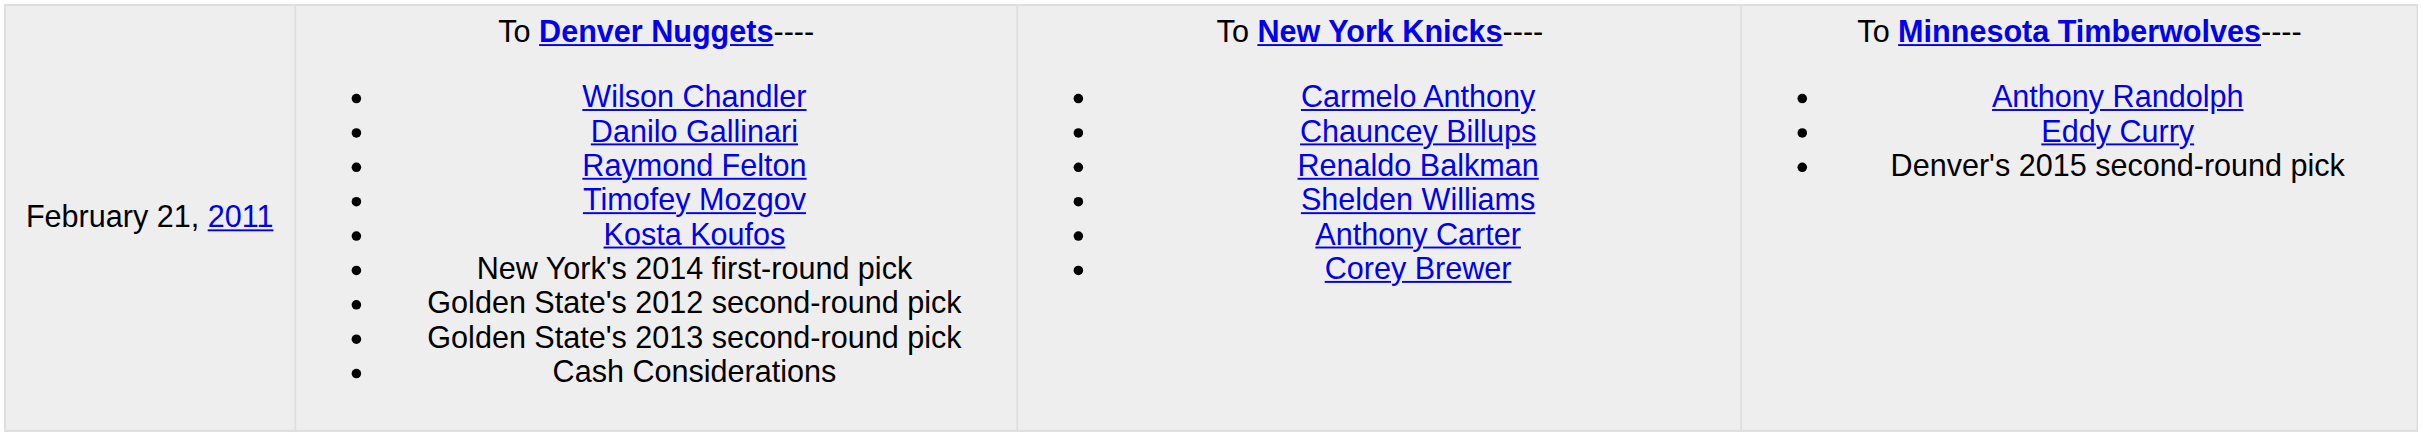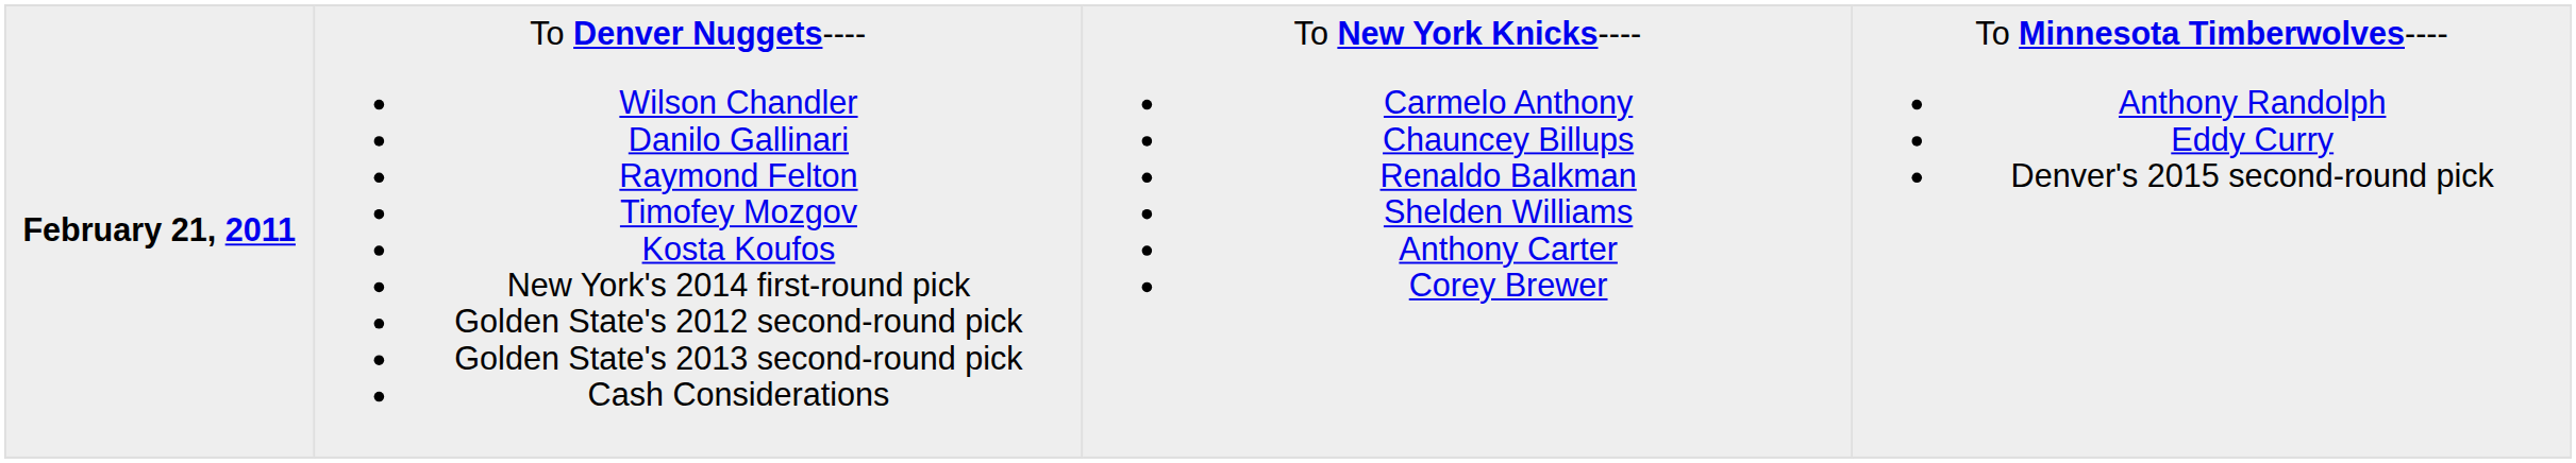 <table border=1 style="border-collapse:collapse; text-align: center; width: 100%" bordercolor="#DFDFDF"  cellpadding="5">
 <tr>
 </tr>
 <tr bgcolor="eeeeee">
-<td style="width:12%">February 21, <a href='#'>2011</a><br></td>
+<td style="width:12%"><strong>February 21, <a href='#'>2011</a><br></strong></td>
 <td style="width:30%" valign="top">To <strong><a href='#'>Denver Nuggets</a></strong>----<br><ul><li> <a href='#'>Wilson Chandler</a></li><li> <a href='#'>Danilo Gallinari</a></li><li> <a href='#'>Raymond Felton</a></li><li> <a href='#'>Timofey Mozgov</a></li><li> <a href='#'>Kosta Koufos</a></li><li>New York's 2014 first-round pick</li><li>Golden State's 2012 second-round pick</li><li>Golden State's 2013 second-round pick</li><li>Cash Considerations</li></ul></td>
 <td style="width:30%" valign="top">To <strong><a href='#'>New York Knicks</a></strong>----<br><ul><li> <a href='#'>Carmelo Anthony</a></li><li> <a href='#'>Chauncey Billups</a></li><li> <a href='#'>Renaldo Balkman</a></li><li> <a href='#'>Shelden Williams</a></li><li> <a href='#'>Anthony Carter</a></li><li> <a href='#'>Corey Brewer</a></li></ul></td>
 <td style="width:30%" valign="top">To <strong><a href='#'>Minnesota Timberwolves</a></strong>----<br><ul><li> <a href='#'>Anthony Randolph</a></li><li> <a href='#'>Eddy Curry</a></li><li>Denver's 2015 second-round pick</li></ul></td>
 </tr>
 <tr>
 </tr>
 </table>
